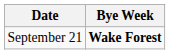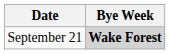 <table class="wikitable" style="font-size:95%;">
 <tr>
 <th>Date</th>
 <th>Bye Week</th>
 </tr>
 <tr>
 <td>September 21</td>
-<td><strong>Wake Forest</strong></td>
+<td style="background: lightgrey;"><strong>Wake Forest</strong></td>
 </tr>
 </table>
